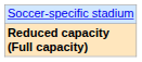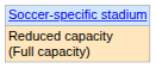 <table class=wikitable>
 <tr>
 <td bgcolor="#d0e7ff"><a href='#'>Soccer-specific stadium</a></td>
 </tr>
 <tr>
-<td bgcolor="#ffe6bd"><strong>Reduced capacity<br>(Full capacity)</strong></td>
+<td bgcolor="#ffe6bd">Reduced capacity<br>(Full capacity)</td>
 </tr>
 </table>
